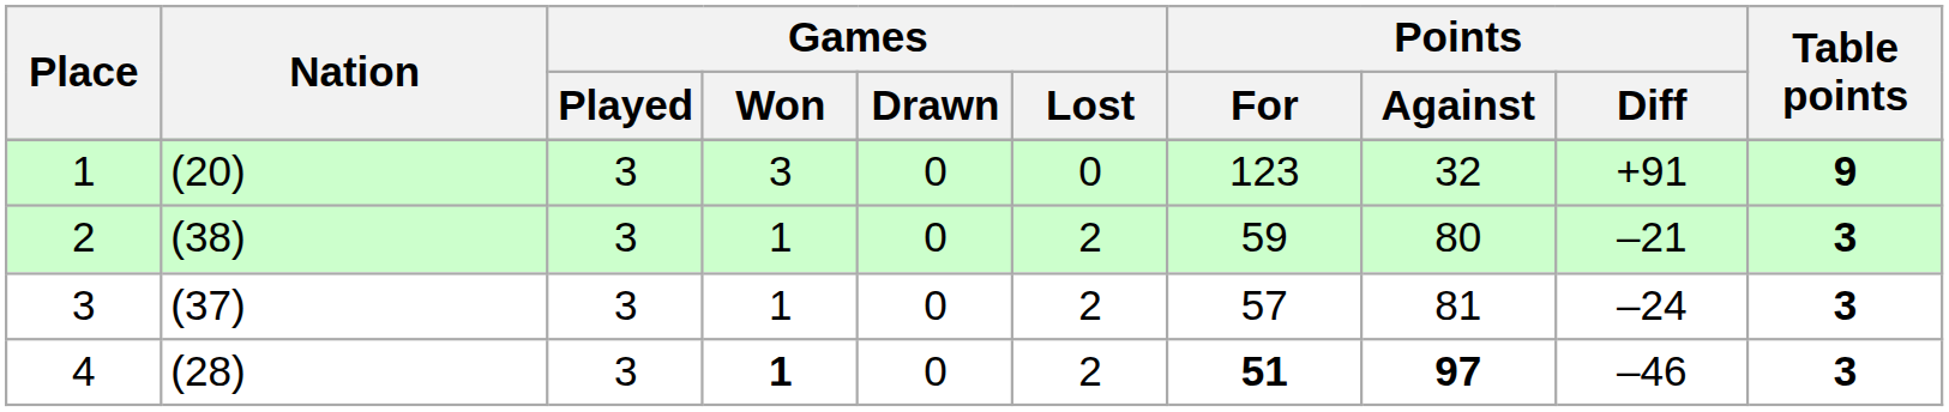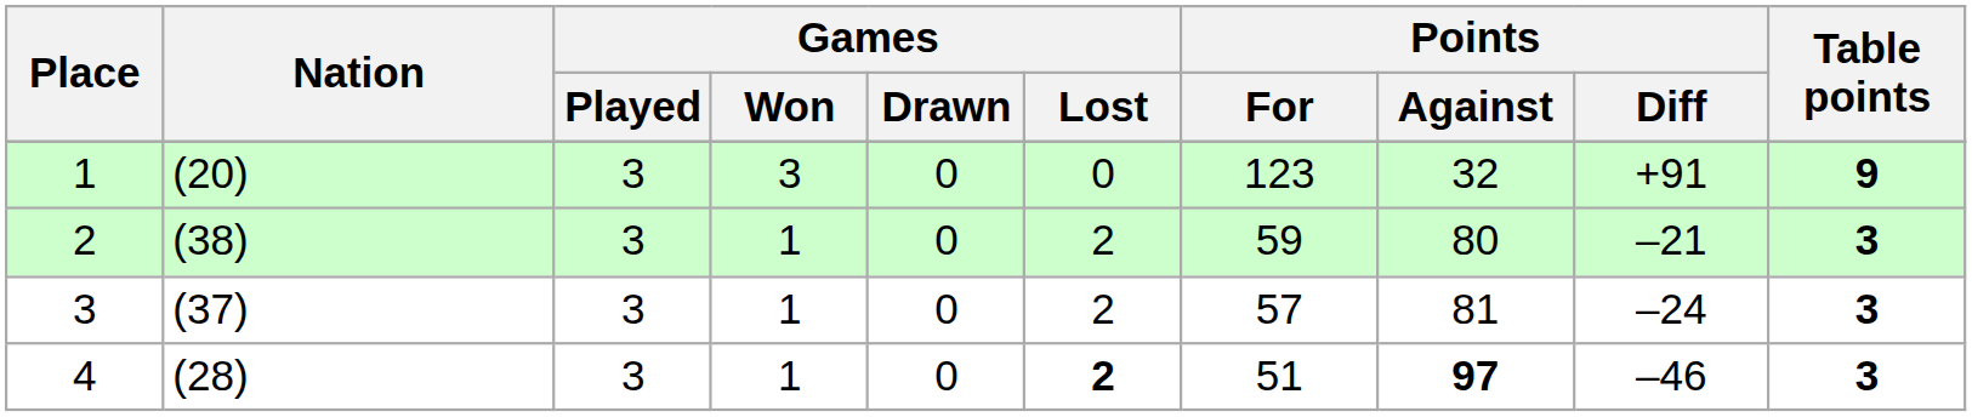 <table class="wikitable">
 <tr>
 <th rowspan=2 width="8%">Place</th>
 <th rowspan=2 width="20%">Nation</th>
 <th colspan=4 width="32%">Games</th>
 <th colspan=3 width="30%">Points</th>
 <th rowspan=2 width="10%">Table<br>points</th>
 </tr>
 <tr>
 <th width="8%">Played</th>
 <th width="8%">Won</th>
 <th width="8%">Drawn</th>
 <th width="8%">Lost</th>
 <th width="10%">For</th>
 <th width="10%">Against</th>
 <th width="10%">Diff</th>
 </tr>
 <tr>
 </tr>
 <tr bgcolor=#ccffcc align=center>
 <td>1</td>
 <td align=left> (20)</td>
 <td>3</td>
 <td>3</td>
 <td>0</td>
 <td>0</td>
 <td>123</td>
 <td>32</td>
 <td>+91</td>
 <td><strong>9</strong></td>
 </tr>
 <tr bgcolor=#ccffcc align=center>
 <td>2</td>
 <td align=left> (38)</td>
 <td>3</td>
 <td>1</td>
 <td>0</td>
 <td>2</td>
 <td>59</td>
 <td>80</td>
 <td>–21</td>
 <td><strong>3</strong></td>
 </tr>
 <tr bgcolor=#ffffff align=center>
 <td>3</td>
 <td align=left> (37)</td>
 <td>3</td>
 <td>1</td>
 <td>0</td>
 <td>2</td>
 <td>57</td>
 <td>81</td>
 <td>–24</td>
 <td><strong>3</strong></td>
 </tr>
 <tr bgcolor=#ffffff align=center>
 <td>4</td>
 <td align=left> (28)</td>
 <td>3</td>
-<td><strong>1</strong></td>
+<td>1</td>
 <td>0</td>
-<td>2</td>
-<td><strong>51</strong></td>
+<td><strong>2</strong></td>
+<td>51</td>
 <td><strong>97</strong></td>
 <td>–46</td>
 <td><strong>3</strong></td>
 </tr>
 </table>
